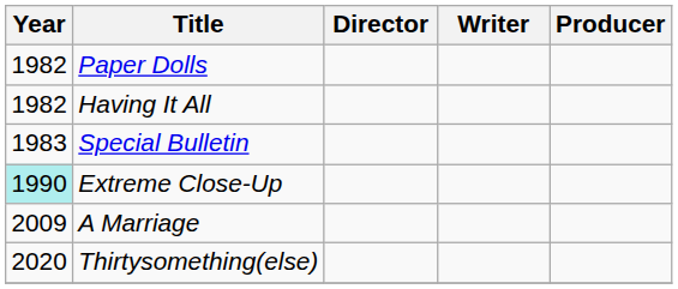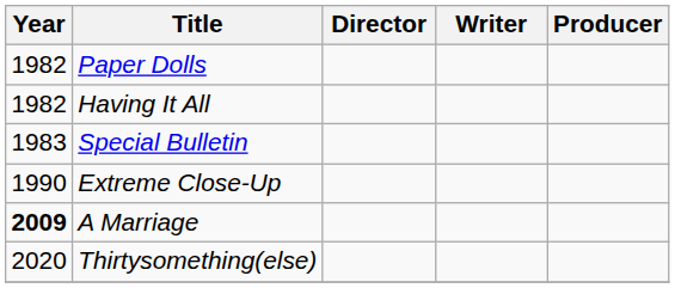 <table class="wikitable">
 <tr>
 <th>Year</th>
 <th>Title</th>
 <th width="65">Director</th>
 <th width="65">Writer</th>
 <th width="65">Producer</th>
 </tr>
 <tr>
 <td>1982</td>
 <td><em><a href='#'>Paper Dolls</a></em></td>
 <td></td>
 <td></td>
 <td></td>
 </tr>
 <tr>
 <td>1982</td>
 <td><em>Having It All</em></td>
 <td></td>
 <td></td>
 <td></td>
 </tr>
 <tr>
 <td>1983</td>
 <td><em><a href='#'>Special Bulletin</a></em></td>
 <td></td>
 <td></td>
 <td></td>
 </tr>
 <tr>
-<td style="background: paleturquoise;">1990</td>
+<td>1990</td>
 <td><em>Extreme Close-Up</em></td>
 <td></td>
 <td></td>
 <td></td>
 </tr>
 <tr>
-<td>2009</td>
+<td><strong>2009</strong></td>
 <td><em>A Marriage</em></td>
 <td></td>
 <td></td>
 <td></td>
 </tr>
 <tr>
 <td>2020</td>
 <td><em>Thirtysomething(else)</em></td>
 <td></td>
 <td></td>
 <td></td>
 </tr>
 <tr>
 </tr>
 </table>
